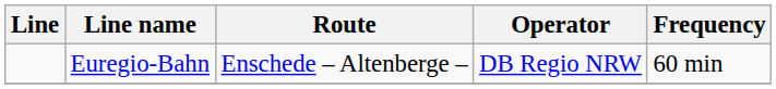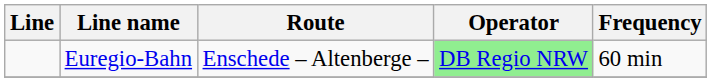 <table class="wikitable">
 <tr>
 <th>Line</th>
 <th>Line name</th>
 <th>Route</th>
 <th>Operator</th>
 <th>Frequency</th>
 </tr>
 <tr>
 <td align="center"></td>
 <td><a href='#'>Euregio-Bahn</a></td>
 <td><a href='#'>Enschede</a> –   Altenberge –  </td>
-<td style="white-space:nowrap;"><a href='#'>DB Regio NRW</a></td>
+<td style="background: lightgreen; white-space:nowrap;"><a href='#'>DB Regio NRW</a></td>
 <td style="white-space:nowrap;">60 min</td>
 </tr>
 <tr>
 </tr>
 </table>
